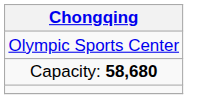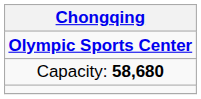 <table class="wikitable" style="text-align:center">
 <tr>
 <th><a href='#'>Chongqing</a></th>
 </tr>
 <tr>
-<td><a href='#'>Olympic Sports Center</a></td>
+<td><strong><a href='#'>Olympic Sports Center</a></strong></td>
 </tr>
 <tr>
 <td>Capacity: <strong>58,680</strong></td>
 </tr>
 <tr>
 <td></td>
 </tr>
 <tr>
 </tr>
 </table>
